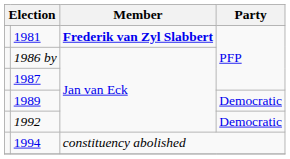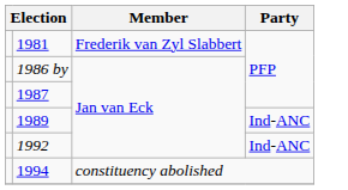 <table class="wikitable">
 <tr>
 <th colspan="2">Election</th>
 <th>Member</th>
 <th>Party</th>
 </tr>
 <tr>
 <td style="background-color: "></td>
 <td><a href='#'>1981</a></td>
-<td><strong><a href='#'>Frederik van Zyl Slabbert</a></strong></td>
+<td><a href='#'>Frederik van Zyl Slabbert</a></td>
 <td rowspan="3"><a href='#'>PFP</a></td>
 </tr>
 <tr>
 <td style="background-color: "></td>
 <td><em>1986 by</em></td>
 <td rowspan="4"><a href='#'>Jan van Eck</a></td>
 </tr>
 <tr>
 <td style="background-color: "></td>
 <td><a href='#'>1987</a></td>
 </tr>
 <tr>
 <td style="background-color: "></td>
 <td><a href='#'>1989</a></td>
-<td><a href='#'>Democratic</a></td>
+<td><a href='#'>Ind</a>-<a href='#'>ANC</a></td>
 </tr>
 <tr>
 <td style="background-color: "></td>
 <td><em>1992</em></td>
-<td><a href='#'>Democratic</a></td>
+<td><a href='#'>Ind</a>-<a href='#'>ANC</a></td>
 </tr>
 <tr>
 <td style="background-color: "></td>
 <td><a href='#'>1994</a></td>
 <td colspan="2"><em>constituency abolished</em></td>
 </tr>
 <tr>
 </tr>
 </table>
